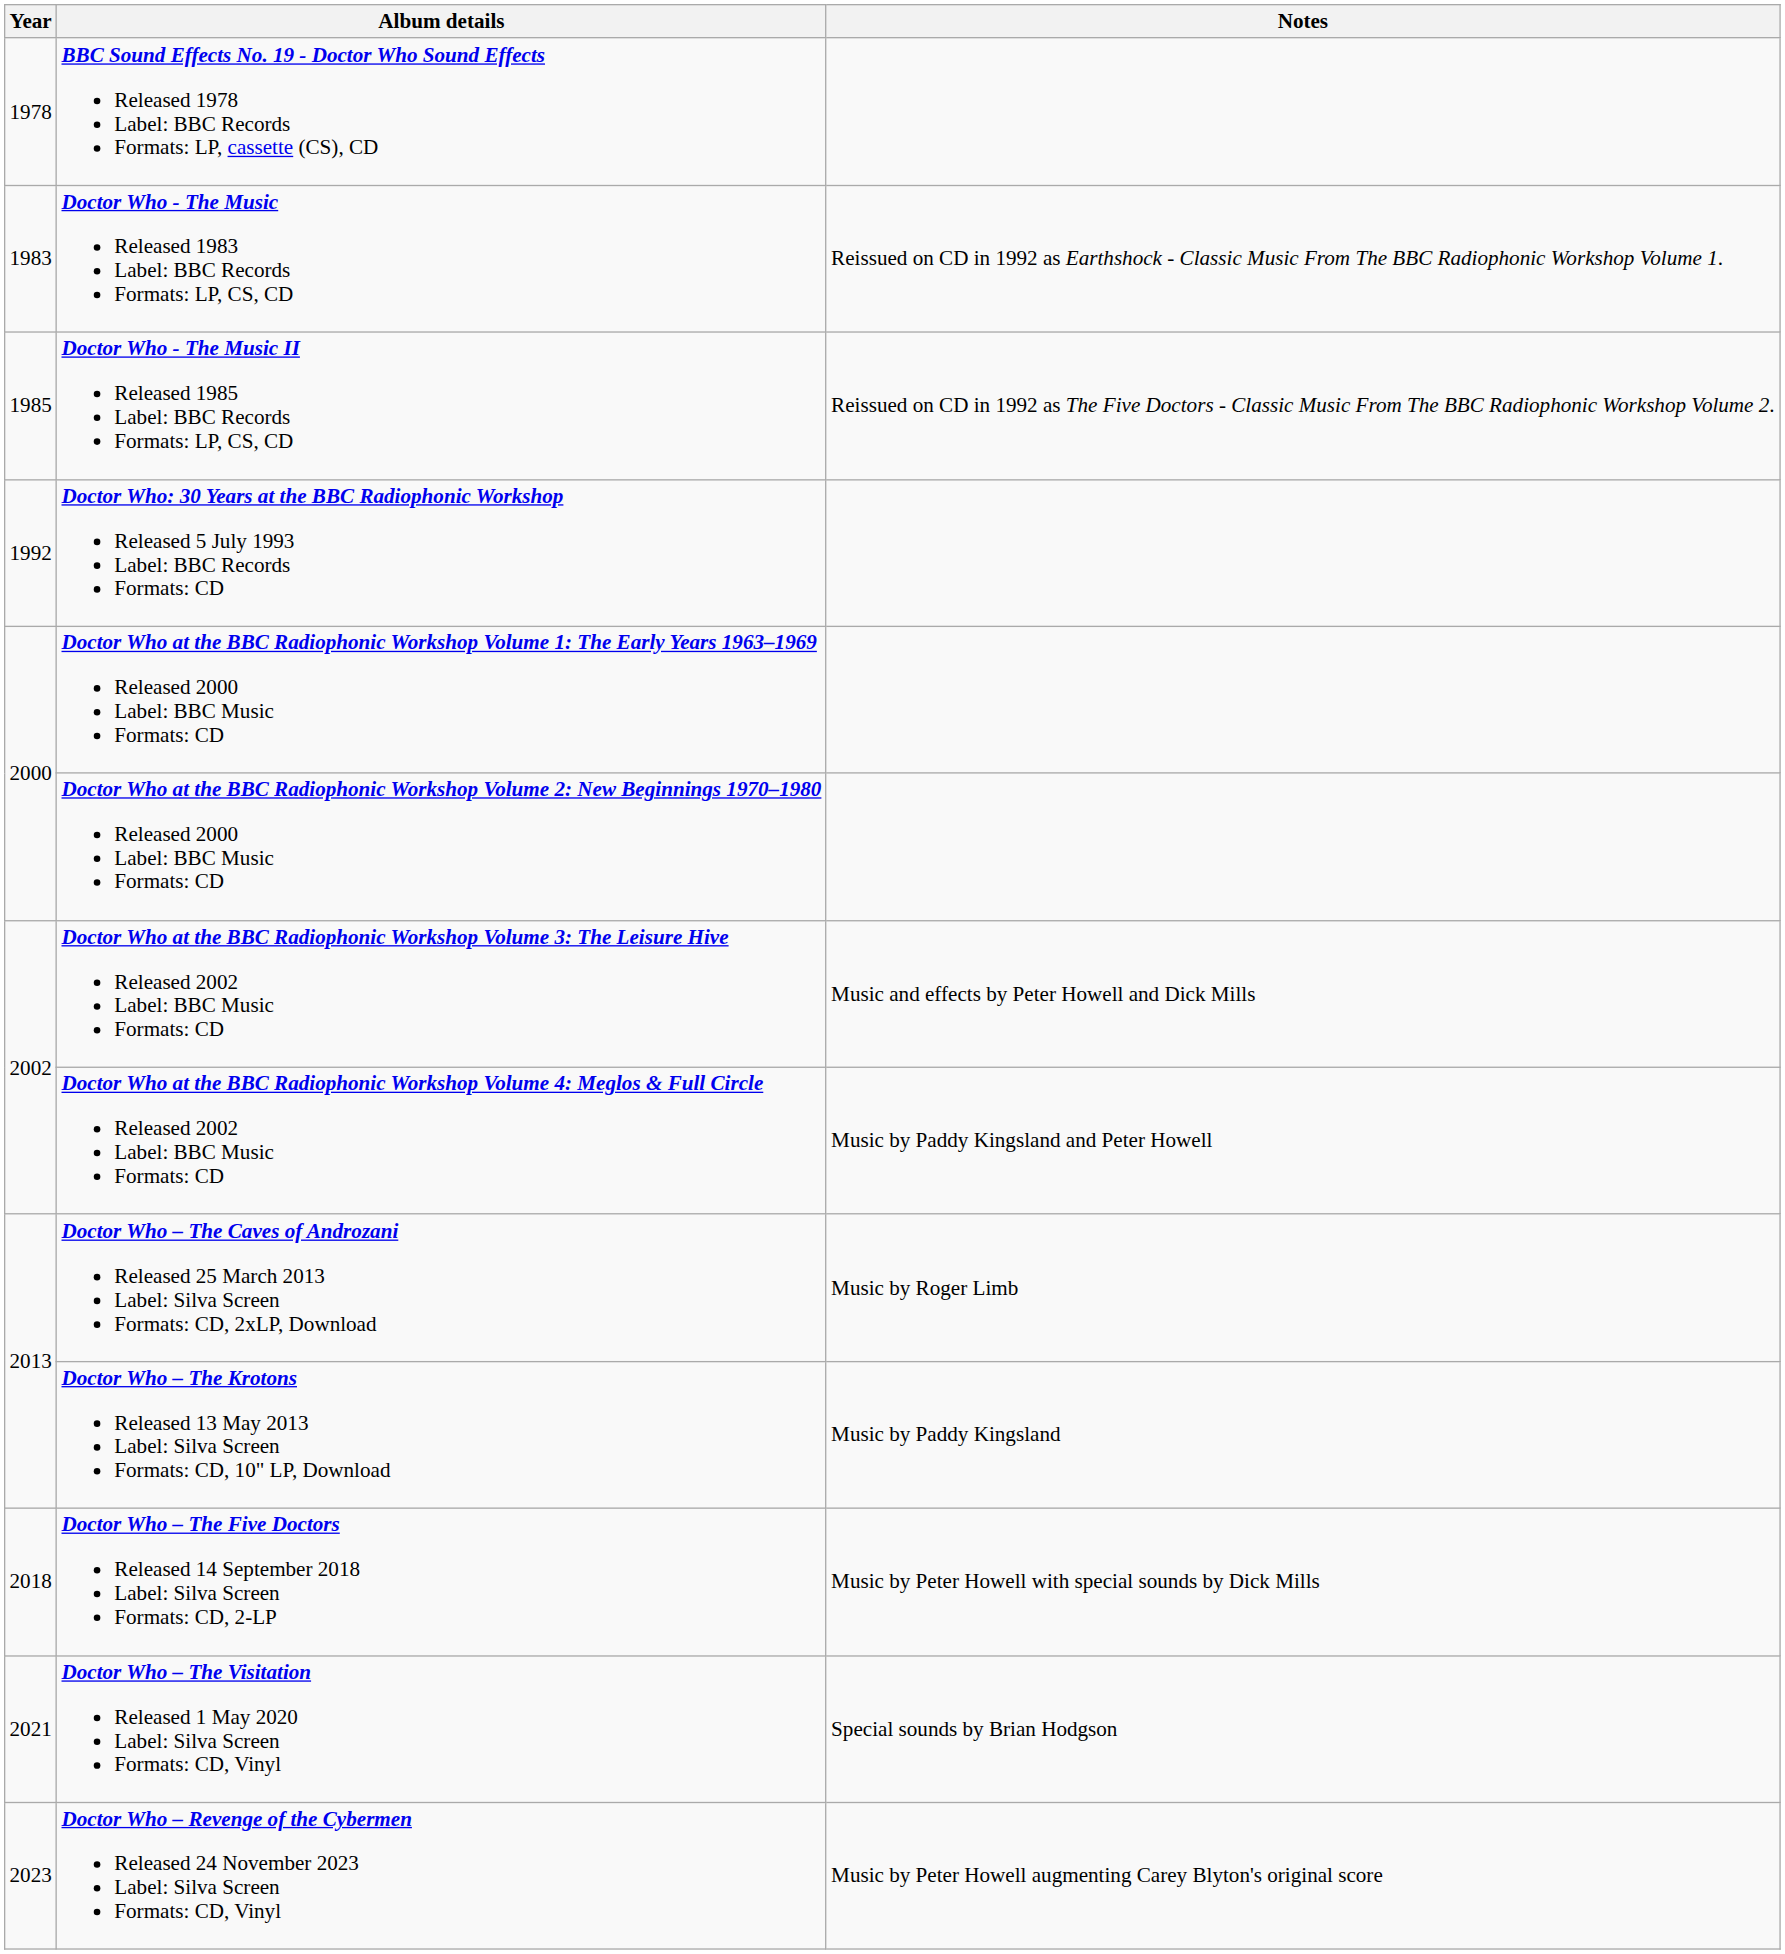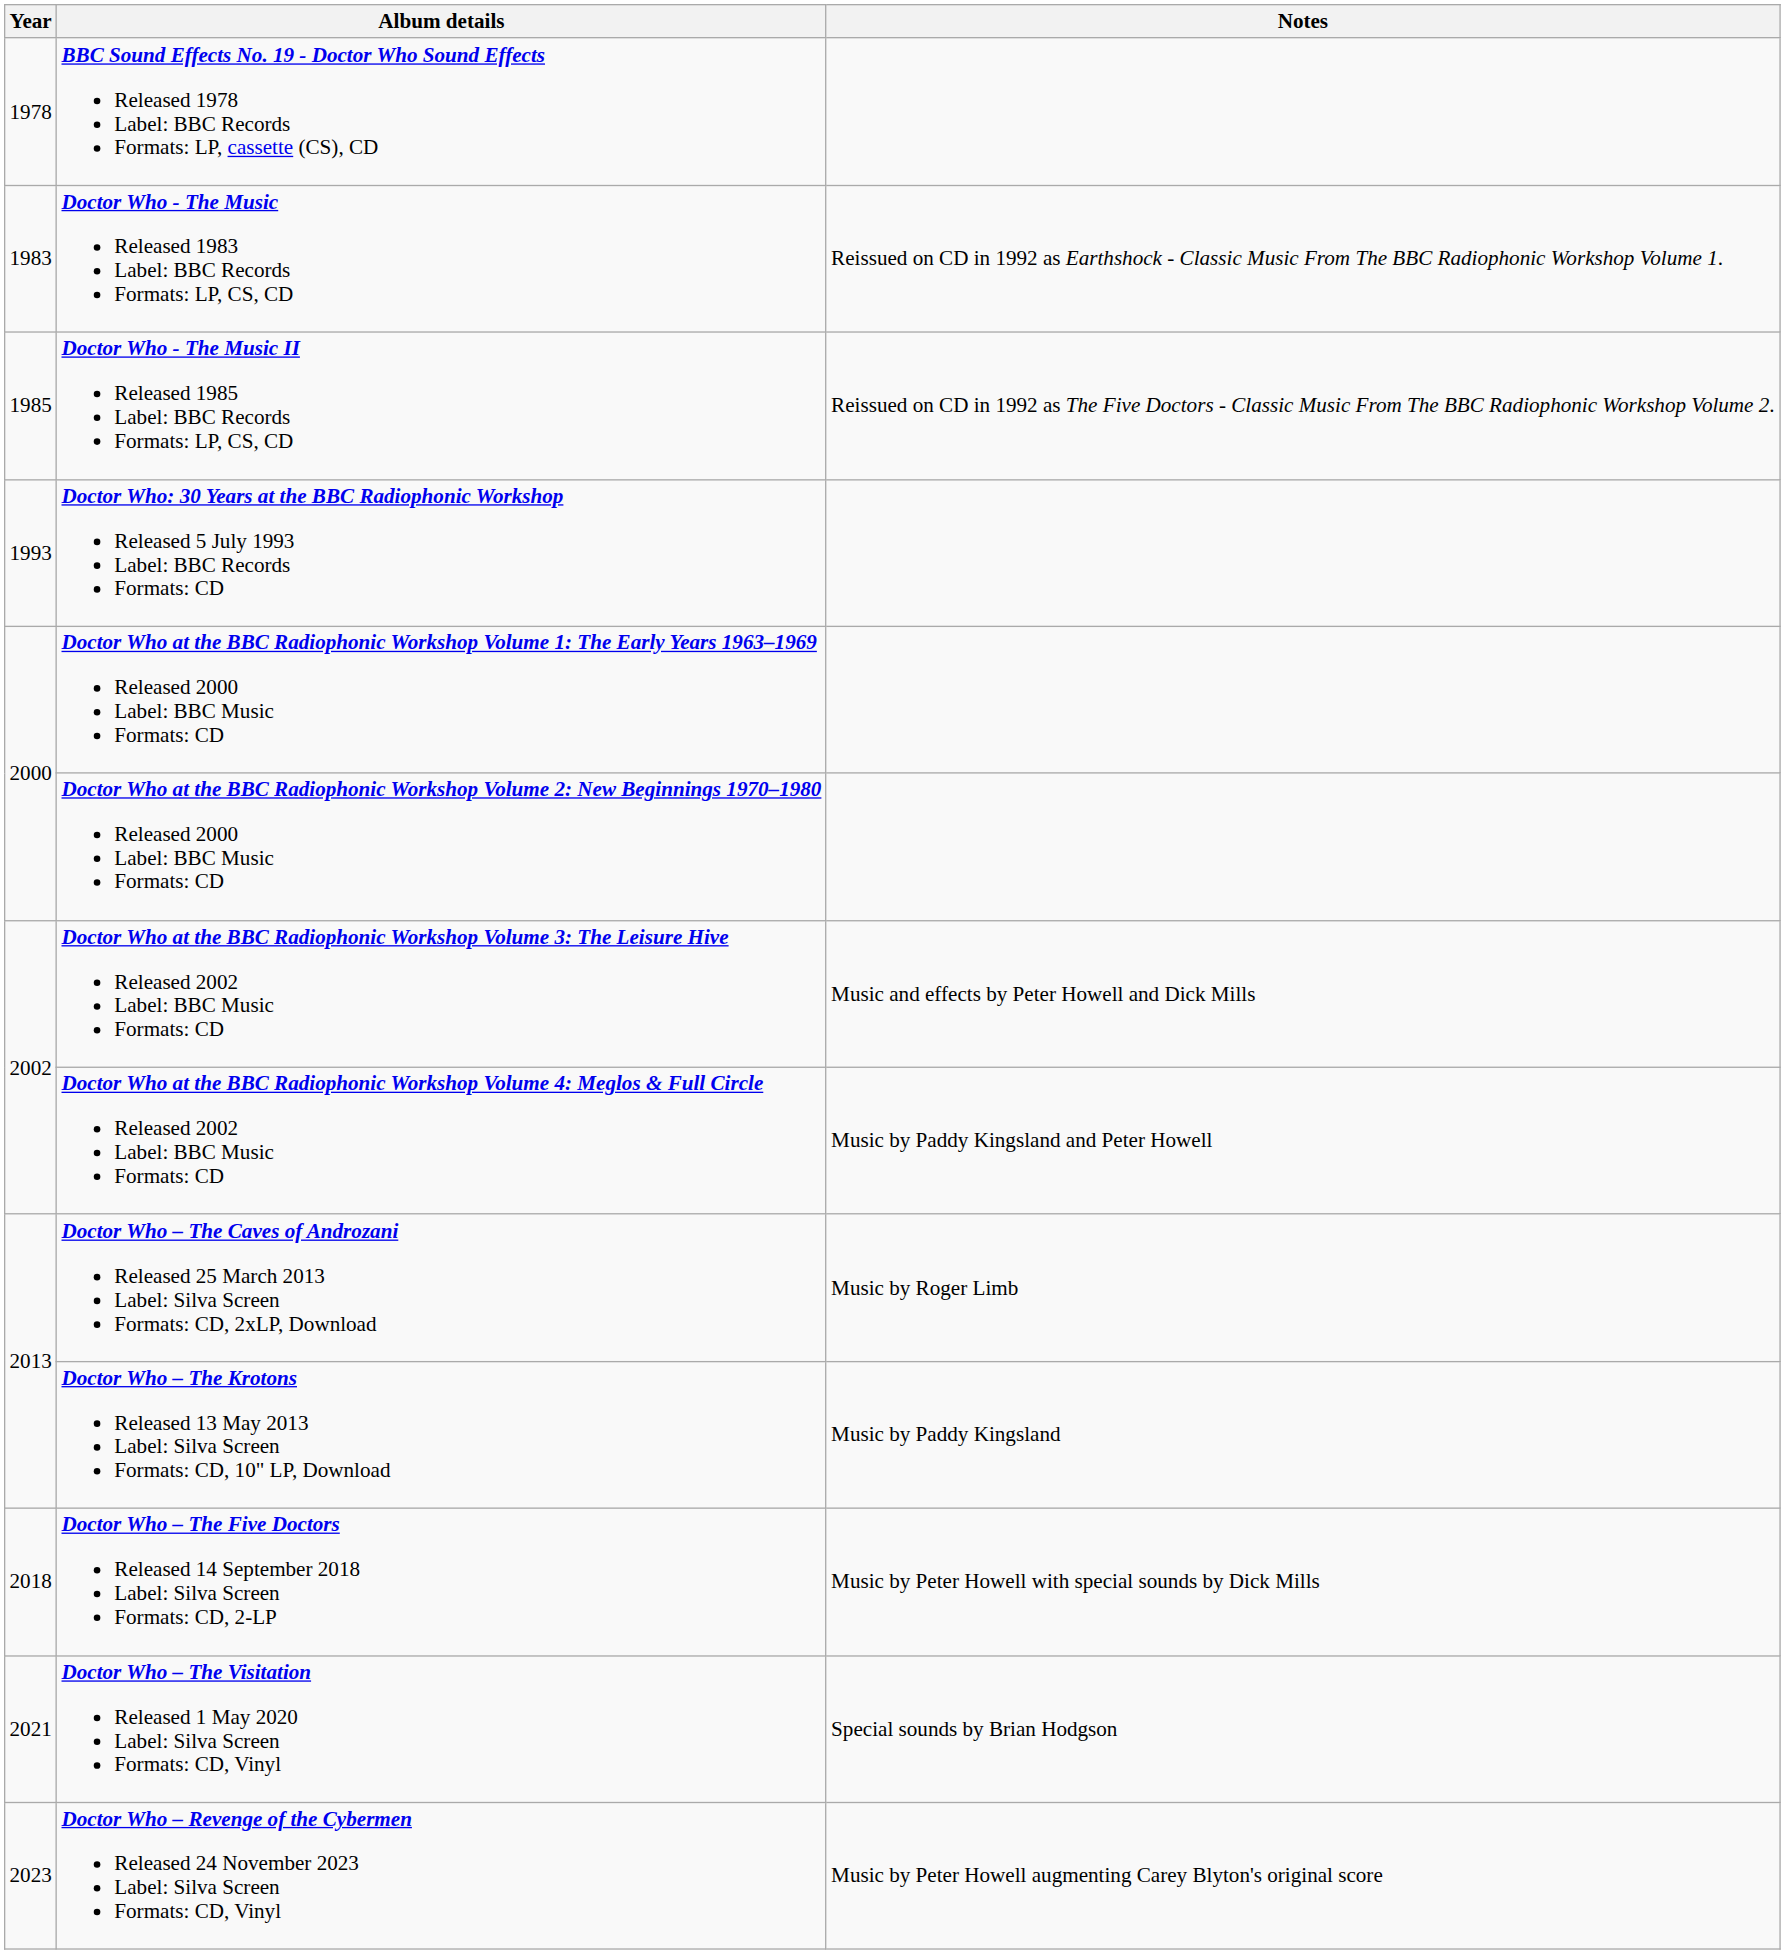 <table class="wikitable">
 <tr>
 <th>Year</th>
 <th>Album details</th>
 <th>Notes</th>
 </tr>
 <tr>
 <td>1978</td>
 <td><strong><em><a href='#'>BBC Sound Effects No. 19 - Doctor Who Sound Effects</a></em></strong><br><ul><li>Released 1978</li><li>Label: BBC Records </li><li>Formats: LP, <a href='#'>cassette</a> (CS), CD</li></ul></td>
 <td></td>
 </tr>
 <tr>
 <td>1983</td>
 <td><strong><em><a href='#'>Doctor Who - The Music</a></em></strong><br><ul><li>Released 1983</li><li>Label: BBC Records </li><li>Formats: LP, CS, CD</li></ul></td>
 <td>Reissued on CD in 1992 as <em>Earthshock - Classic Music From The BBC Radiophonic Workshop Volume 1</em>.</td>
 </tr>
 <tr>
 <td>1985</td>
 <td><strong><em><a href='#'>Doctor Who - The Music II</a></em></strong><br><ul><li>Released 1985</li><li>Label: BBC Records </li><li>Formats: LP, CS, CD</li></ul></td>
 <td>Reissued on CD in 1992 as <em>The Five Doctors - Classic Music From The BBC Radiophonic Workshop Volume 2</em>.</td>
 </tr>
 <tr>
-<td>1992</td>
+<td>1993</td>
 <td><strong><em><a href='#'>Doctor Who: 30 Years at the BBC Radiophonic Workshop</a></em></strong><br><ul><li>Released 5 July 1993</li><li>Label: BBC Records </li><li>Formats: CD</li></ul></td>
 <td></td>
 </tr>
 <tr>
 <td rowspan="2">2000</td>
 <td><strong><em><a href='#'>Doctor Who at the BBC Radiophonic Workshop Volume 1: The Early Years 1963–1969</a></em></strong><br><ul><li>Released 2000</li><li>Label: BBC Music </li><li>Formats: CD</li></ul></td>
 <td></td>
 </tr>
 <tr>
 <td><strong><em><a href='#'>Doctor Who at the BBC Radiophonic Workshop Volume 2: New Beginnings 1970–1980</a></em></strong><br><ul><li>Released 2000</li><li>Label: BBC Music </li><li>Formats: CD</li></ul></td>
 <td></td>
 </tr>
 <tr>
 <td rowspan="2">2002</td>
 <td><strong><em><a href='#'>Doctor Who at the BBC Radiophonic Workshop Volume 3: The Leisure Hive</a></em></strong><br><ul><li>Released 2002</li><li>Label: BBC Music </li><li>Formats: CD</li></ul></td>
 <td>Music and effects by Peter Howell and Dick Mills</td>
 </tr>
 <tr>
 <td><strong><em><a href='#'>Doctor Who at the BBC Radiophonic Workshop Volume 4: Meglos & Full Circle</a></em></strong><br><ul><li>Released 2002</li><li>Label: BBC Music </li><li>Formats: CD</li></ul></td>
 <td>Music by Paddy Kingsland and Peter Howell</td>
 </tr>
 <tr>
 <td rowspan="2">2013</td>
 <td><strong><em><a href='#'>Doctor Who – The Caves of Androzani</a></em></strong><br><ul><li>Released 25 March 2013</li><li>Label: Silva Screen </li><li>Formats: CD, 2xLP, Download</li></ul></td>
 <td>Music by Roger Limb</td>
 </tr>
 <tr>
 <td><strong><em><a href='#'>Doctor Who – The Krotons</a></em></strong> <br><ul><li>Released 13 May 2013</li><li>Label: Silva Screen </li><li>Formats: CD, 10" LP, Download</li></ul></td>
 <td>Music by Paddy Kingsland</td>
 </tr>
 <tr>
 <td>2018</td>
 <td><strong><em><a href='#'>Doctor Who – The Five Doctors</a></em></strong><br><ul><li>Released 14 September 2018</li><li>Label: Silva Screen </li><li>Formats: CD, 2-LP</li></ul></td>
 <td>Music by Peter Howell with special sounds by Dick Mills</td>
 </tr>
 <tr>
 <td>2021</td>
 <td><strong><em><a href='#'>Doctor Who – The Visitation</a></em></strong><br><ul><li>Released 1 May 2020</li><li>Label: Silva Screen </li><li>Formats: CD, Vinyl</li></ul></td>
 <td>Special sounds by Brian Hodgson</td>
 </tr>
 <tr>
 <td>2023</td>
 <td><strong><em><a href='#'>Doctor Who – Revenge of the Cybermen</a></em></strong><br><ul><li>Released 24 November 2023 </li><li>Label: Silva Screen</li><li>Formats: CD, Vinyl</li></ul></td>
 <td>Music by Peter Howell augmenting Carey Blyton's original score</td>
 </tr>
 </table>
